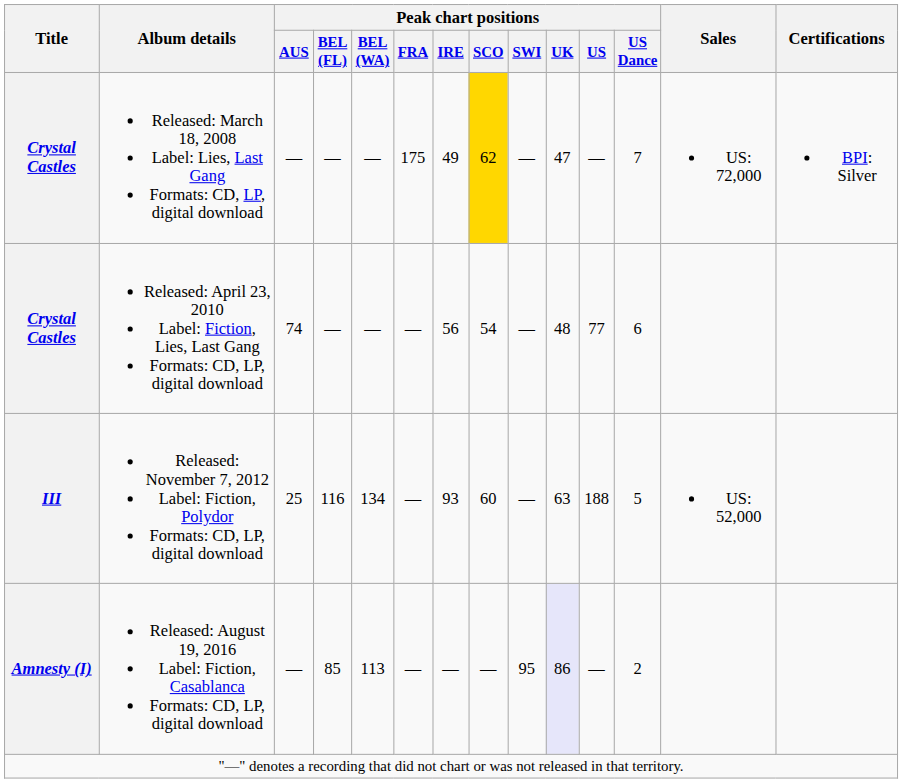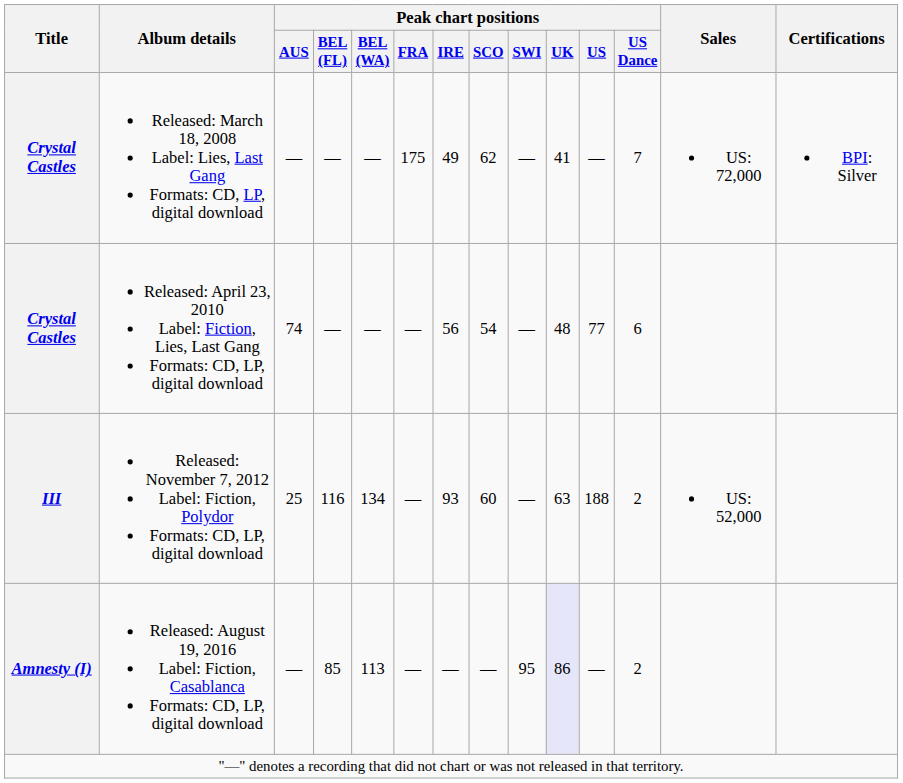 <table class="wikitable plainrowheaders" style="text-align:center;">
 <tr>
 <th scope="col" rowspan="2" style="width:10em;">Title</th>
 <th scope="col" rowspan="2" style="width:19em;">Album details</th>
 <th scope="colgroup" colspan="10">Peak chart positions</th>
 <th scope="col" rowspan="2" style="width:10em;">Sales</th>
 <th scope="col" rowspan="2" style="width:10em;">Certifications</th>
 </tr>
 <tr>
 <th scope="col" style="width:2.5em;font-size:90%;"><a href='#'>AUS</a><br></th>
 <th scope="col" style="width:2.5em;font-size:90%;"><a href='#'>BEL<br>(FL)</a><br></th>
 <th scope="col" style="width:2.5em;font-size:90%;"><a href='#'>BEL<br>(WA)</a><br></th>
 <th scope="col" style="width:2.5em;font-size:90%;"><a href='#'>FRA</a><br></th>
 <th scope="col" style="width:2.5em;font-size:90%;"><a href='#'>IRE</a><br></th>
 <th scope="col" style="width:2.5em;font-size:90%;"><a href='#'>SCO</a><br></th>
 <th scope="col" style="width:2.5em;font-size:90%;"><a href='#'>SWI</a><br></th>
 <th scope="col" style="width:2.5em;font-size:90%;"><a href='#'>UK</a><br></th>
 <th scope="col" style="width:2.5em;font-size:90%;"><a href='#'>US</a><br></th>
 <th scope="col" style="width:2.5em;font-size:90%;"><a href='#'>US<br>Dance</a><br></th>
 </tr>
 <tr>
 <th scope="row"><em><a href='#'>Crystal Castles</a></em></th>
 <td><br><ul><li>Released: March 18, 2008</li><li>Label: Lies, <a href='#'>Last Gang</a></li><li>Formats: CD, <a href='#'>LP</a>, digital download</li></ul></td>
 <td>—</td>
 <td>—</td>
 <td>—</td>
 <td>175</td>
 <td>49</td>
-<td style="background: gold;">62</td>
+<td>62</td>
 <td>—</td>
-<td>47</td>
+<td>41</td>
 <td>—</td>
 <td>7</td>
 <td><br><ul><li>US: 72,000</li></ul></td>
 <td><br><ul><li><a href='#'>BPI</a>: Silver</li></ul></td>
 </tr>
 <tr>
 <th scope="row"><em><a href='#'>Crystal Castles</a></em></th>
 <td><br><ul><li>Released: April 23, 2010</li><li>Label: <a href='#'>Fiction</a>, Lies, Last Gang</li><li>Formats: CD, LP, digital download</li></ul></td>
 <td>74</td>
 <td>—</td>
 <td>—</td>
 <td>—</td>
 <td>56</td>
 <td>54</td>
 <td>—</td>
 <td>48</td>
 <td>77</td>
 <td>6</td>
 <td></td>
 <td></td>
 </tr>
 <tr>
 <th scope="row"><em><a href='#'>III</a></em></th>
 <td><br><ul><li>Released: November 7, 2012</li><li>Label: Fiction, <a href='#'>Polydor</a></li><li>Formats: CD, LP, digital download</li></ul></td>
 <td>25</td>
 <td>116</td>
 <td>134</td>
 <td>—</td>
 <td>93</td>
 <td>60</td>
 <td>—</td>
 <td>63</td>
 <td>188</td>
-<td>5</td>
+<td>2</td>
 <td><br><ul><li>US: 52,000</li></ul></td>
 <td></td>
 </tr>
 <tr>
 <th scope="row"><em><a href='#'>Amnesty (I)</a></em></th>
 <td><br><ul><li>Released: August 19, 2016</li><li>Label: Fiction, <a href='#'>Casablanca</a></li><li>Formats: CD, LP, digital download</li></ul></td>
 <td>—</td>
 <td>85</td>
 <td>113</td>
 <td>—</td>
 <td>—</td>
 <td>—</td>
 <td>95</td>
 <td style="background: lavender;">86</td>
 <td>—</td>
 <td>2</td>
 <td></td>
 <td></td>
 </tr>
 <tr>
 <td colspan="14" style="font-size:90%">"—" denotes a recording that did not chart or was not released in that territory.</td>
 </tr>
 </table>
